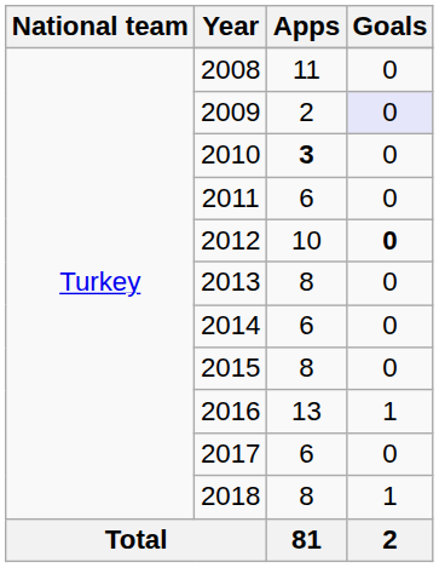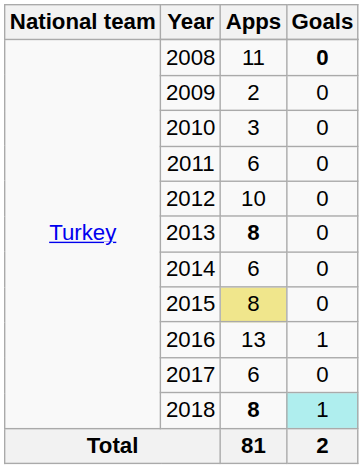 <table class="wikitable" style="text-align:center">
 <tr>
 <th>National team</th>
 <th>Year</th>
 <th>Apps</th>
 <th>Goals</th>
 </tr>
 <tr>
 <td rowspan="12"><a href='#'>Turkey</a></td>
 </tr>
 <tr>
 <td>2008</td>
 <td>11</td>
-<td>0</td>
+<td><strong>0</strong></td>
 </tr>
 <tr>
 <td>2009</td>
 <td>2</td>
-<td style="background: lavender;">0</td>
+<td>0</td>
 </tr>
 <tr>
 <td>2010</td>
-<td><strong>3</strong></td>
+<td>3</td>
 <td>0</td>
 </tr>
 <tr>
 <td>2011</td>
 <td>6</td>
 <td>0</td>
 </tr>
 <tr>
 <td>2012</td>
 <td>10</td>
-<td><strong>0</strong></td>
+<td>0</td>
 </tr>
 <tr>
 <td>2013</td>
-<td>8</td>
+<td><strong>8</strong></td>
 <td>0</td>
 </tr>
 <tr>
 <td>2014</td>
 <td>6</td>
 <td>0</td>
 </tr>
 <tr>
 <td>2015</td>
-<td>8</td>
+<td style="background: khaki;">8</td>
 <td>0</td>
 </tr>
 <tr>
 <td>2016</td>
 <td>13</td>
 <td>1</td>
 </tr>
 <tr>
 <td>2017</td>
 <td>6</td>
 <td>0</td>
 </tr>
 <tr>
 <td>2018</td>
-<td>8</td>
-<td>1</td>
+<td><strong>8</strong></td>
+<td style="background: paleturquoise;">1</td>
 </tr>
 <tr>
 <th colspan=2>Total</th>
 <th>81</th>
 <th>2</th>
 </tr>
 </table>
